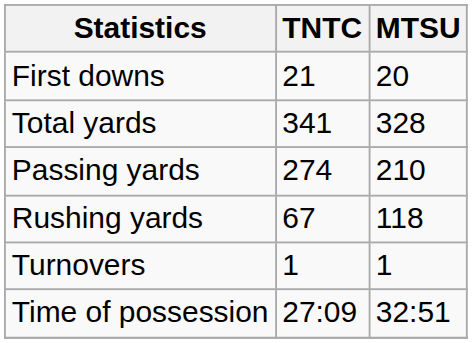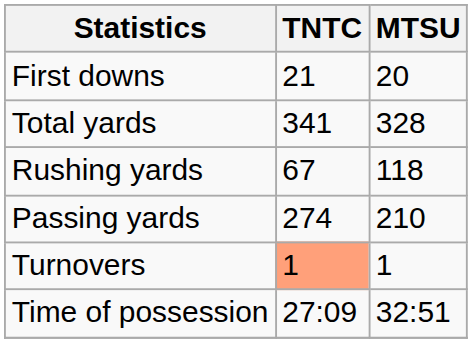 <table class="wikitable">
 <tr>
 <th>Statistics</th>
 <th>TNTC</th>
 <th>MTSU</th>
 </tr>
 <tr>
 <td>First downs</td>
 <td>21</td>
 <td>20</td>
 </tr>
 <tr>
 <td>Total yards</td>
 <td>341</td>
 <td>328</td>
 </tr>
 <tr>
+<td>Rushing yards</td>
+<td>67</td>
+<td>118</td>
+</tr>
+<tr>
 <td>Passing yards</td>
 <td>274</td>
 <td>210</td>
 </tr>
 <tr>
-<td>Rushing yards</td>
-<td>67</td>
-<td>118</td>
-</tr>
-<tr>
 <td>Turnovers</td>
-<td>1</td>
+<td style="background: lightsalmon;">1</td>
 <td>1</td>
 </tr>
 <tr>
 <td>Time of possession</td>
 <td>27:09</td>
 <td>32:51</td>
 </tr>
 <tr>
 </tr>
 </table>
